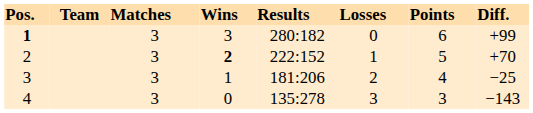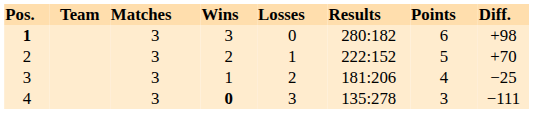 <table style="text-align:left" border="0" cellspacing="0" align="right" width="500px">
 <tr bgcolor="#FFDEAD">
 <th>Pos.</th>
 <th align="center">Team</th>
 <th>Matches</th>
 <th>Wins</th>
+<th>Losses</th>
 <th>Results</th>
-<th>Losses</th>
 <th>Points</th>
 <th>Diff.</th>
 </tr>
 <tr bgcolor="#FFECCE" align="center">
 <td><strong>1</strong></td>
 <td align="left"></td>
 <td>3</td>
 <td>3</td>
+<td>0</td>
 <td>280:182</td>
-<td>0</td>
 <td>6</td>
-<td>+99</td>
+<td>+98</td>
 </tr>
 <tr bgcolor="#FFECCE" align="center">
 <td>2</td>
 <td align="left"></td>
 <td>3</td>
-<td><strong>2</strong></td>
+<td>2</td>
+<td>1</td>
 <td>222:152</td>
-<td>1</td>
 <td>5</td>
 <td>+70</td>
 </tr>
 <tr bgcolor="#FFECCE" align="center">
 <td>3</td>
 <td align="left"></td>
 <td>3</td>
 <td>1</td>
+<td>2</td>
 <td>181:206</td>
-<td>2</td>
 <td>4</td>
 <td>−25</td>
 </tr>
 <tr bgcolor="#FFECCE" align="center">
 <td>4</td>
 <td align="left"></td>
 <td>3</td>
-<td>0</td>
+<td><strong>0</strong></td>
+<td>3</td>
 <td>135:278</td>
 <td>3</td>
-<td>3</td>
-<td>−143</td>
+<td>−111</td>
 </tr>
 </table>
